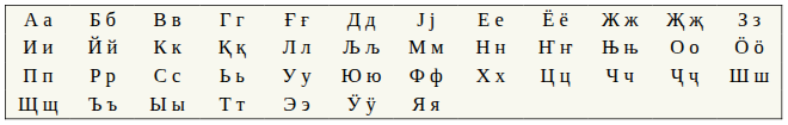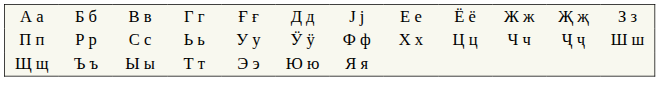 <table style="font-family:Arial Unicode MS; font-size:1.4em; border-color:#000000; border-width:1px; border-style:solid; border-collapse:collapse; background-color:#F8F8EF">
 <tr>
 <td style="width:3em; text-align:center; padding: 3px;">А а</td>
 <td style="width:3em; text-align:center; padding: 3px;">Б б</td>
 <td style="width:3em; text-align:center; padding: 3px;">В в</td>
 <td style="width:3em; text-align:center; padding: 3px;">Г г</td>
 <td style="width:3em; text-align:center; padding: 3px;">Ғ ғ</td>
 <td style="width:3em; text-align:center; padding: 3px;">Д д</td>
 <td style="width:3em; text-align:center; padding: 3px;">Ј ј</td>
 <td style="width:3em; text-align:center; padding: 3px;">Е е</td>
 <td style="width:3em; text-align:center; padding: 3px;">Ё ё</td>
 <td style="width:3em; text-align:center; padding: 3px;">Ж ж</td>
 <td style="width:3em; text-align:center; padding: 3px;">Җ җ</td>
 <td style="width:3em; text-align:center; padding: 3px;">З з</td>
 </tr>
 <tr>
-<td style="width:3em; text-align:center; padding: 3px;">И и</td>
-<td style="width:3em; text-align:center; padding: 3px;">Й й</td>
-<td style="width:3em; text-align:center; padding: 3px;">К к</td>
-<td style="width:3em; text-align:center; padding: 3px;">Қ қ</td>
-<td style="width:3em; text-align:center; padding: 3px;">Л л</td>
-<td style="width:3em; text-align:center; padding: 3px;">Љ љ</td>
-<td style="width:3em; text-align:center; padding: 3px;">М м</td>
-<td style="width:3em; text-align:center; padding: 3px;">Н н</td>
-<td style="width:3em; text-align:center; padding: 3px;">Ҥ ҥ</td>
-<td style="width:3em; text-align:center; padding: 3px;">Њ њ</td>
-<td style="width:3em; text-align:center; padding: 3px;">О о</td>
-<td style="width:3em; text-align:center; padding: 3px;">Ӧ ӧ</td>
-</tr>
-<tr>
 <td style="width:3em; text-align:center; padding: 3px;">П п</td>
 <td style="width:3em; text-align:center; padding: 3px;">Р р</td>
 <td style="width:3em; text-align:center; padding: 3px;">С с</td>
 <td style="width:3em; text-align:center; padding: 3px;">Ь ь</td>
 <td style="width:3em; text-align:center; padding: 3px;">У у</td>
-<td style="width:3em; text-align:center; padding: 3px;">Ю ю</td>
+<td style="width:3em; text-align:center; padding: 3px;">Ӱ ӱ</td>
 <td style="width:3em; text-align:center; padding: 3px;">Ф ф</td>
 <td style="width:3em; text-align:center; padding: 3px;">Х х</td>
 <td style="width:3em; text-align:center; padding: 3px;">Ц ц</td>
 <td style="width:3em; text-align:center; padding: 3px;">Ч ч</td>
 <td style="width:3em; text-align:center; padding: 3px;">Ҷ ҷ</td>
 <td style="width:3em; text-align:center; padding: 3px;">Ш ш</td>
 </tr>
 <tr>
 <td style="width:3em; text-align:center; padding: 3px;">Щ щ</td>
 <td style="width:3em; text-align:center; padding: 3px;">Ъ ъ</td>
 <td style="width:3em; text-align:center; padding: 3px;">Ы ы</td>
 <td style="width:3em; text-align:center; padding: 3px;">Т т</td>
 <td style="width:3em; text-align:center; padding: 3px;">Э э</td>
-<td style="width:3em; text-align:center; padding: 3px;">Ӱ ӱ</td>
+<td style="width:3em; text-align:center; padding: 3px;">Ю ю</td>
 <td style="width:3em; text-align:center; padding: 3px;">Я я</td>
 </tr>
 </table>
